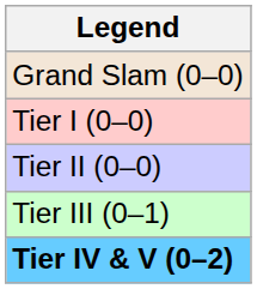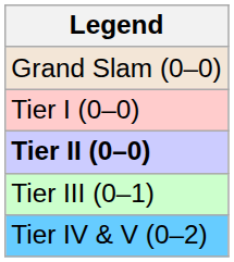 <table class="wikitable sortable mw-collapsible mw-collapsed">
 <tr>
 <th>Legend</th>
 </tr>
 <tr>
 <td bgcolor=#f3e6d7>Grand Slam (0–0)</td>
 </tr>
 <tr>
 <td bgcolor=#ffcccc>Tier I (0–0)</td>
 </tr>
 <tr>
-<td bgcolor=#ccccff>Tier II (0–0)</td>
+<td bgcolor=#ccccff><strong>Tier II (0–0)</strong></td>
 </tr>
 <tr>
 <td bgcolor=#CCFFCC>Tier III (0–1)</td>
 </tr>
 <tr>
-<td bgcolor=#66CCFF><strong>Tier IV & V (0–2)</strong></td>
+<td bgcolor=#66CCFF>Tier IV & V (0–2)</td>
 </tr>
 </table>
